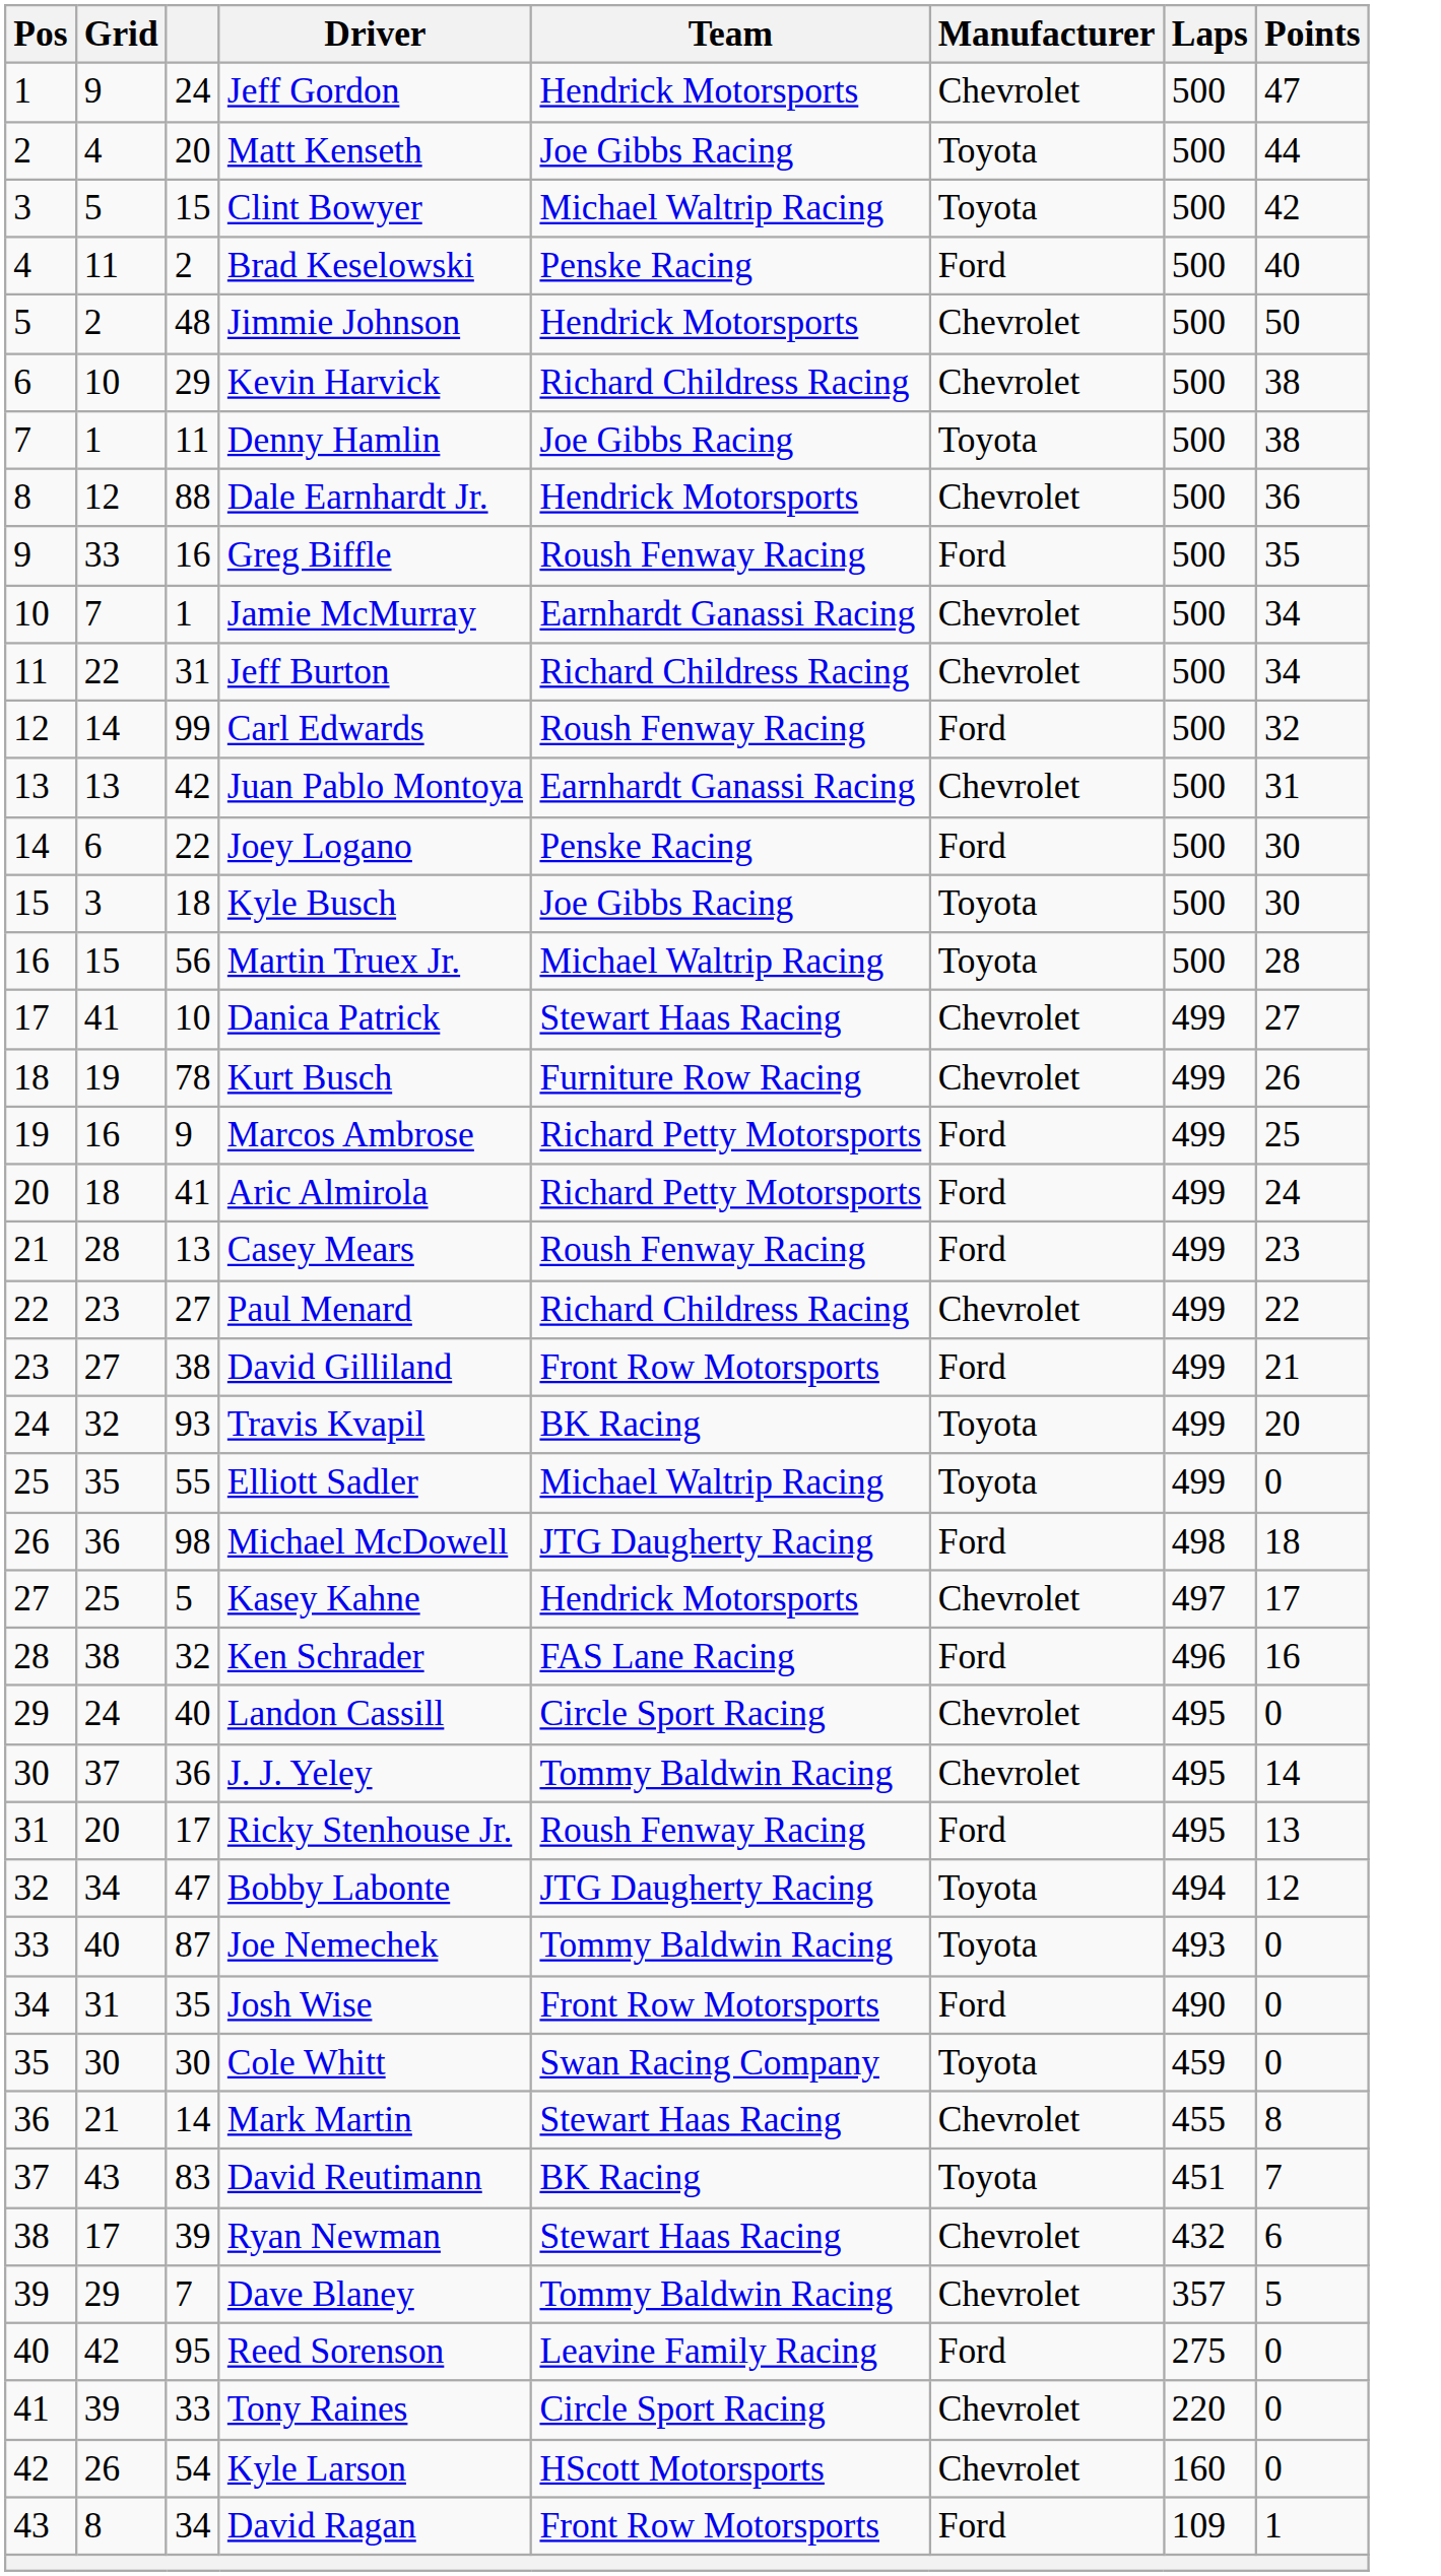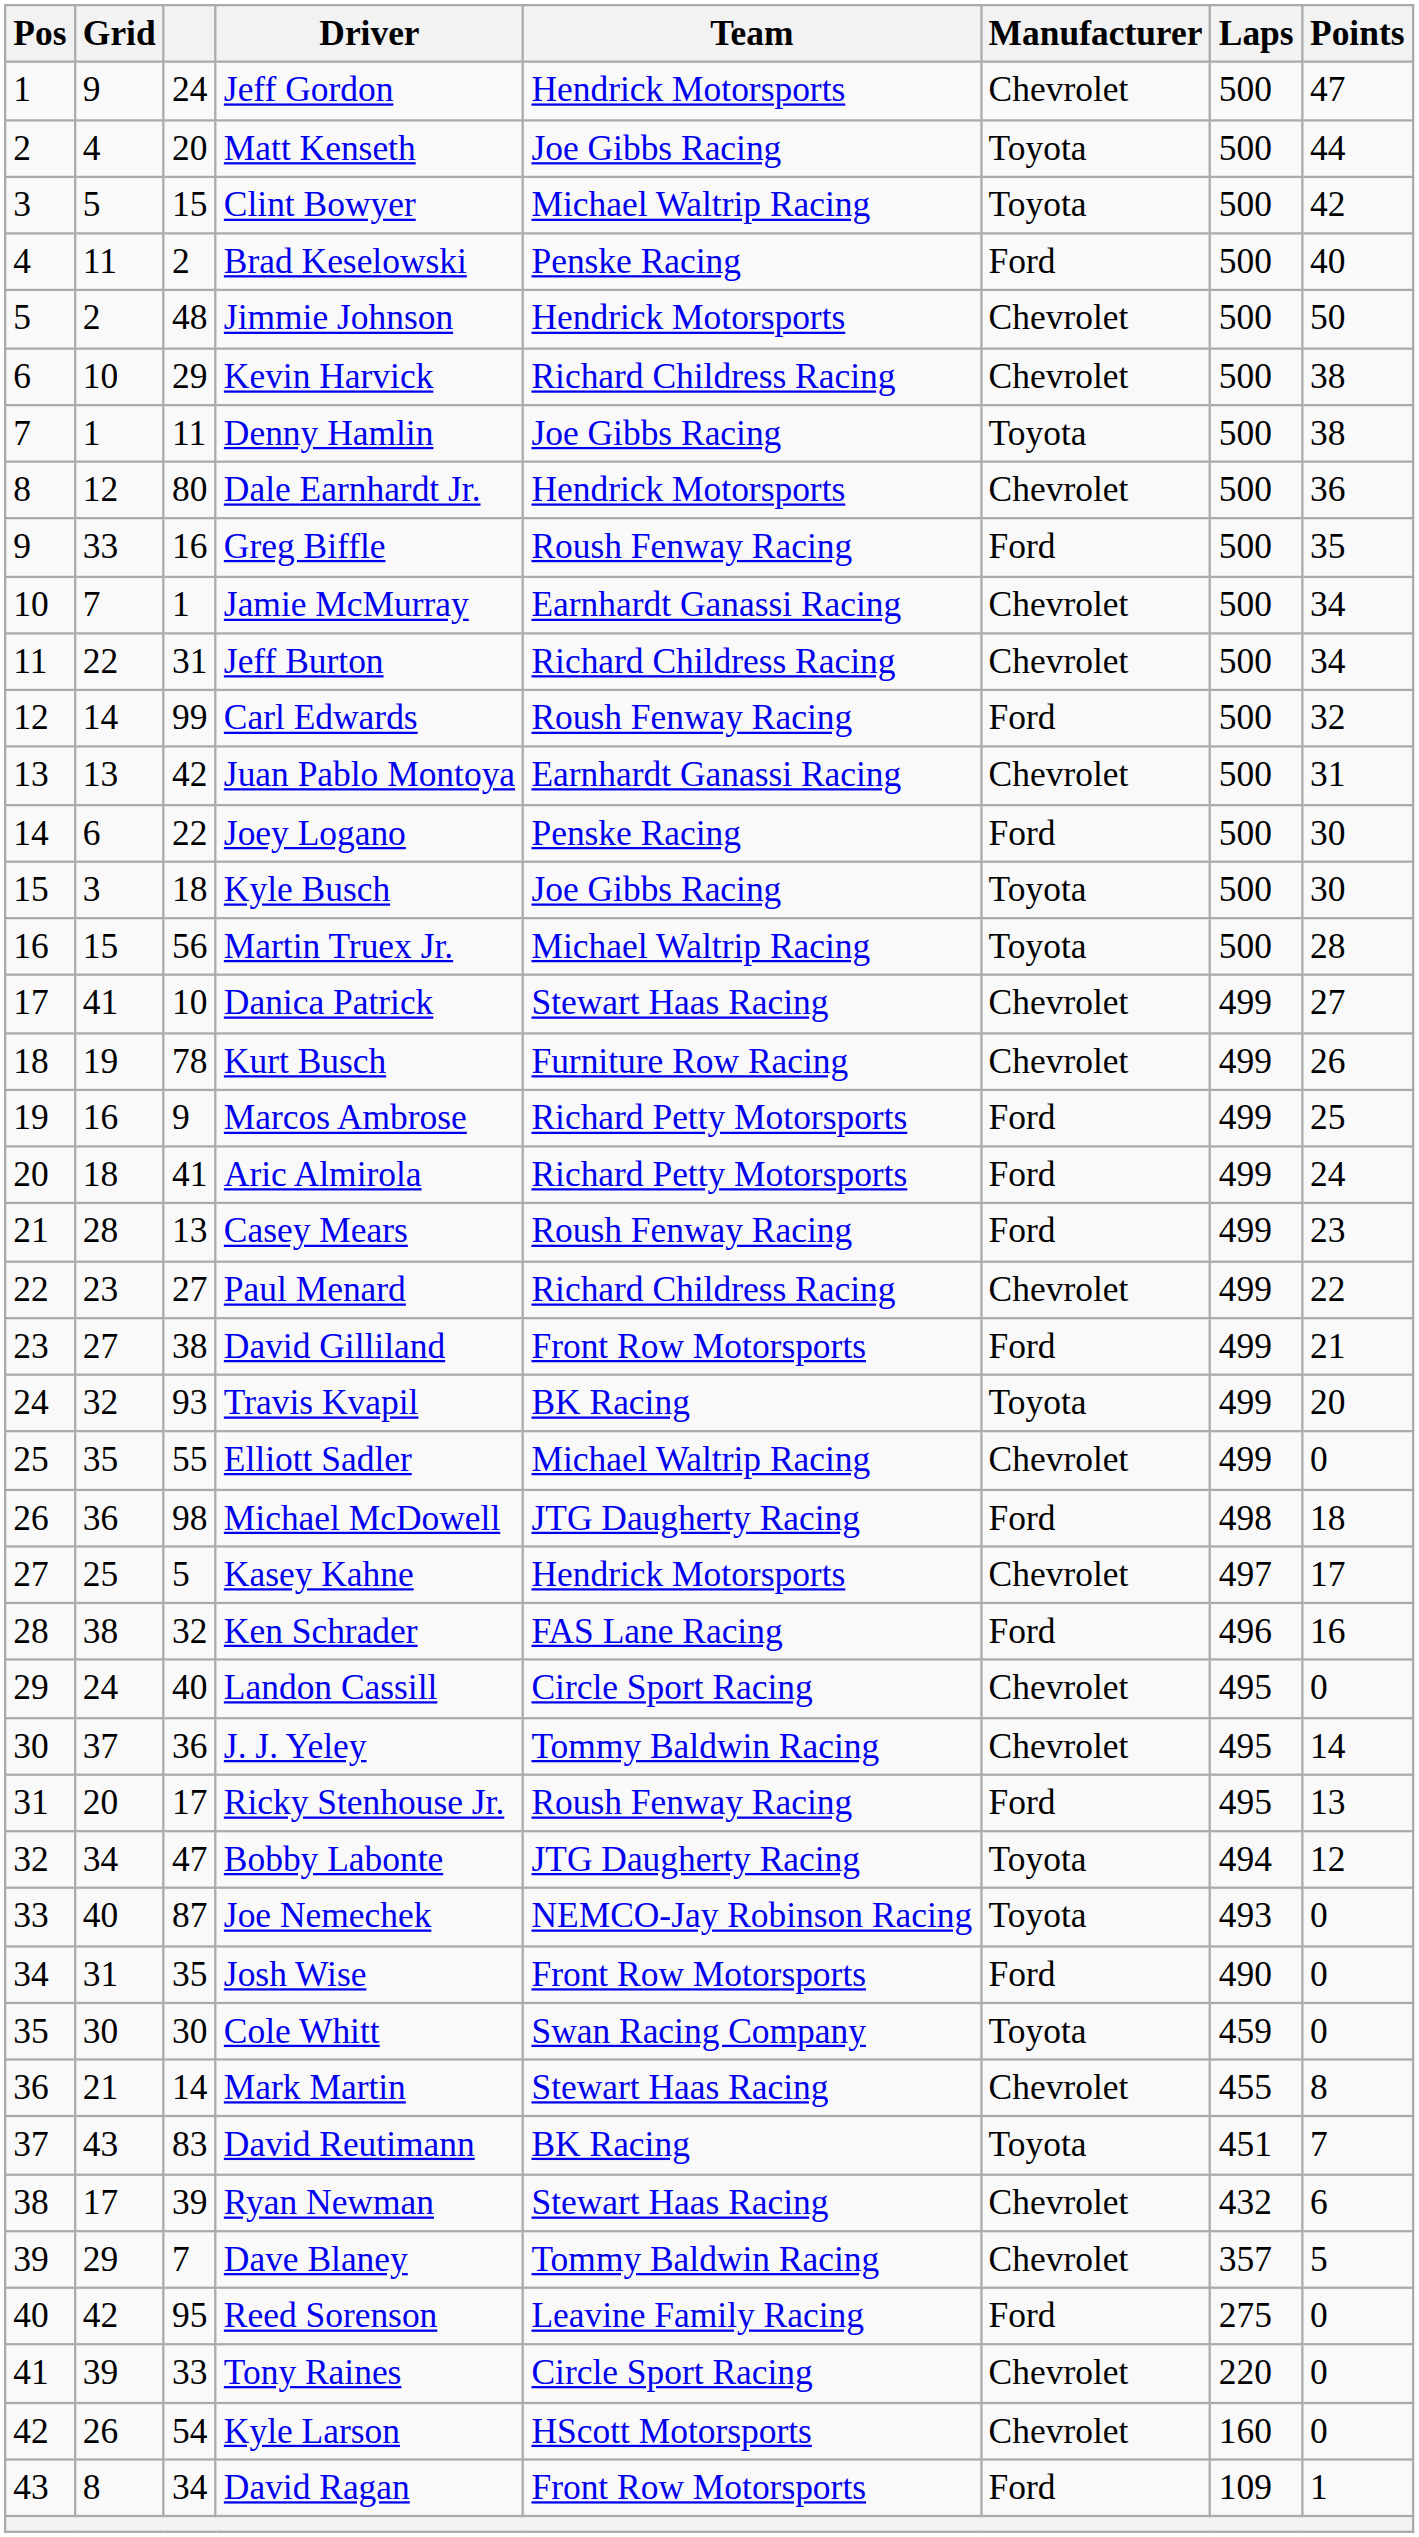 <table class="wikitable" style="font-size:98%">
 <tr>
 <th>Pos</th>
 <th>Grid</th>
 <th></th>
 <th>Driver</th>
 <th>Team</th>
 <th>Manufacturer</th>
 <th>Laps</th>
 <th>Points</th>
 </tr>
 <tr>
 <td>1</td>
 <td>9</td>
 <td>24</td>
 <td><a href='#'>Jeff Gordon</a></td>
 <td><a href='#'>Hendrick Motorsports</a></td>
 <td>Chevrolet</td>
 <td>500</td>
 <td>47</td>
 </tr>
 <tr>
 <td>2</td>
 <td>4</td>
 <td>20</td>
 <td><a href='#'>Matt Kenseth</a></td>
 <td><a href='#'>Joe Gibbs Racing</a></td>
 <td>Toyota</td>
 <td>500</td>
 <td>44</td>
 </tr>
 <tr>
 <td>3</td>
 <td>5</td>
 <td>15</td>
 <td><a href='#'>Clint Bowyer</a></td>
 <td><a href='#'>Michael Waltrip Racing</a></td>
 <td>Toyota</td>
 <td>500</td>
 <td>42</td>
 </tr>
 <tr>
 <td>4</td>
 <td>11</td>
 <td>2</td>
 <td><a href='#'>Brad Keselowski</a></td>
 <td><a href='#'>Penske Racing</a></td>
 <td>Ford</td>
 <td>500</td>
 <td>40</td>
 </tr>
 <tr>
 <td>5</td>
 <td>2</td>
 <td>48</td>
 <td><a href='#'>Jimmie Johnson</a></td>
 <td><a href='#'>Hendrick Motorsports</a></td>
 <td>Chevrolet</td>
 <td>500</td>
 <td>50</td>
 </tr>
 <tr>
 <td>6</td>
 <td>10</td>
 <td>29</td>
 <td><a href='#'>Kevin Harvick</a></td>
 <td><a href='#'>Richard Childress Racing</a></td>
 <td>Chevrolet</td>
 <td>500</td>
 <td>38</td>
 </tr>
 <tr>
 <td>7</td>
 <td>1</td>
 <td>11</td>
 <td><a href='#'>Denny Hamlin</a></td>
 <td><a href='#'>Joe Gibbs Racing</a></td>
 <td>Toyota</td>
 <td>500</td>
 <td>38</td>
 </tr>
 <tr>
 <td>8</td>
 <td>12</td>
-<td>88</td>
+<td>80</td>
 <td><a href='#'>Dale Earnhardt Jr.</a></td>
 <td><a href='#'>Hendrick Motorsports</a></td>
 <td>Chevrolet</td>
 <td>500</td>
 <td>36</td>
 </tr>
 <tr>
 <td>9</td>
 <td>33</td>
 <td>16</td>
 <td><a href='#'>Greg Biffle</a></td>
 <td><a href='#'>Roush Fenway Racing</a></td>
 <td>Ford</td>
 <td>500</td>
 <td>35</td>
 </tr>
 <tr>
 <td>10</td>
 <td>7</td>
 <td>1</td>
 <td><a href='#'>Jamie McMurray</a></td>
 <td><a href='#'>Earnhardt Ganassi Racing</a></td>
 <td>Chevrolet</td>
 <td>500</td>
 <td>34</td>
 </tr>
 <tr>
 <td>11</td>
 <td>22</td>
 <td>31</td>
 <td><a href='#'>Jeff Burton</a></td>
 <td><a href='#'>Richard Childress Racing</a></td>
 <td>Chevrolet</td>
 <td>500</td>
 <td>34</td>
 </tr>
 <tr>
 <td>12</td>
 <td>14</td>
 <td>99</td>
 <td><a href='#'>Carl Edwards</a></td>
 <td><a href='#'>Roush Fenway Racing</a></td>
 <td>Ford</td>
 <td>500</td>
 <td>32</td>
 </tr>
 <tr>
 <td>13</td>
 <td>13</td>
 <td>42</td>
 <td><a href='#'>Juan Pablo Montoya</a></td>
 <td><a href='#'>Earnhardt Ganassi Racing</a></td>
 <td>Chevrolet</td>
 <td>500</td>
 <td>31</td>
 </tr>
 <tr>
 <td>14</td>
 <td>6</td>
 <td>22</td>
 <td><a href='#'>Joey Logano</a></td>
 <td><a href='#'>Penske Racing</a></td>
 <td>Ford</td>
 <td>500</td>
 <td>30</td>
 </tr>
 <tr>
 <td>15</td>
 <td>3</td>
 <td>18</td>
 <td><a href='#'>Kyle Busch</a></td>
 <td><a href='#'>Joe Gibbs Racing</a></td>
 <td>Toyota</td>
 <td>500</td>
 <td>30</td>
 </tr>
 <tr>
 <td>16</td>
 <td>15</td>
 <td>56</td>
 <td><a href='#'>Martin Truex Jr.</a></td>
 <td><a href='#'>Michael Waltrip Racing</a></td>
 <td>Toyota</td>
 <td>500</td>
 <td>28</td>
 </tr>
 <tr>
 <td>17</td>
 <td>41</td>
 <td>10</td>
 <td><a href='#'>Danica Patrick</a></td>
 <td><a href='#'>Stewart Haas Racing</a></td>
 <td>Chevrolet</td>
 <td>499</td>
 <td>27</td>
 </tr>
 <tr>
 <td>18</td>
 <td>19</td>
 <td>78</td>
 <td><a href='#'>Kurt Busch</a></td>
 <td><a href='#'>Furniture Row Racing</a></td>
 <td>Chevrolet</td>
 <td>499</td>
 <td>26</td>
 </tr>
 <tr>
 <td>19</td>
 <td>16</td>
 <td>9</td>
 <td><a href='#'>Marcos Ambrose</a></td>
 <td><a href='#'>Richard Petty Motorsports</a></td>
 <td>Ford</td>
 <td>499</td>
 <td>25</td>
 </tr>
 <tr>
 <td>20</td>
 <td>18</td>
 <td>41</td>
 <td><a href='#'>Aric Almirola</a></td>
 <td><a href='#'>Richard Petty Motorsports</a></td>
 <td>Ford</td>
 <td>499</td>
 <td>24</td>
 </tr>
 <tr>
 <td>21</td>
 <td>28</td>
 <td>13</td>
 <td><a href='#'>Casey Mears</a></td>
 <td><a href='#'>Roush Fenway Racing</a></td>
 <td>Ford</td>
 <td>499</td>
 <td>23</td>
 </tr>
 <tr>
 <td>22</td>
 <td>23</td>
 <td>27</td>
 <td><a href='#'>Paul Menard</a></td>
 <td><a href='#'>Richard Childress Racing</a></td>
 <td>Chevrolet</td>
 <td>499</td>
 <td>22</td>
 </tr>
 <tr>
 <td>23</td>
 <td>27</td>
 <td>38</td>
 <td><a href='#'>David Gilliland</a></td>
 <td><a href='#'>Front Row Motorsports</a></td>
 <td>Ford</td>
 <td>499</td>
 <td>21</td>
 </tr>
 <tr>
 <td>24</td>
 <td>32</td>
 <td>93</td>
 <td><a href='#'>Travis Kvapil</a></td>
 <td><a href='#'>BK Racing</a></td>
 <td>Toyota</td>
 <td>499</td>
 <td>20</td>
 </tr>
 <tr>
 <td>25</td>
 <td>35</td>
 <td>55</td>
 <td><a href='#'>Elliott Sadler</a></td>
 <td><a href='#'>Michael Waltrip Racing</a></td>
-<td>Toyota</td>
+<td>Chevrolet</td>
 <td>499</td>
 <td>0</td>
 </tr>
 <tr>
 <td>26</td>
 <td>36</td>
 <td>98</td>
 <td><a href='#'>Michael McDowell</a></td>
 <td><a href='#'>JTG Daugherty Racing</a></td>
 <td>Ford</td>
 <td>498</td>
 <td>18</td>
 </tr>
 <tr>
 <td>27</td>
 <td>25</td>
 <td>5</td>
 <td><a href='#'>Kasey Kahne</a></td>
 <td><a href='#'>Hendrick Motorsports</a></td>
 <td>Chevrolet</td>
 <td>497</td>
 <td>17</td>
 </tr>
 <tr>
 <td>28</td>
 <td>38</td>
 <td>32</td>
 <td><a href='#'>Ken Schrader</a></td>
 <td><a href='#'>FAS Lane Racing</a></td>
 <td>Ford</td>
 <td>496</td>
 <td>16</td>
 </tr>
 <tr>
 <td>29</td>
 <td>24</td>
 <td>40</td>
 <td><a href='#'>Landon Cassill</a></td>
 <td><a href='#'>Circle Sport Racing</a></td>
 <td>Chevrolet</td>
 <td>495</td>
 <td>0</td>
 </tr>
 <tr>
 <td>30</td>
 <td>37</td>
 <td>36</td>
 <td><a href='#'>J. J. Yeley</a></td>
 <td><a href='#'>Tommy Baldwin Racing</a></td>
 <td>Chevrolet</td>
 <td>495</td>
 <td>14</td>
 </tr>
 <tr>
 <td>31</td>
 <td>20</td>
 <td>17</td>
 <td><a href='#'>Ricky Stenhouse Jr.</a></td>
 <td><a href='#'>Roush Fenway Racing</a></td>
 <td>Ford</td>
 <td>495</td>
 <td>13</td>
 </tr>
 <tr>
 <td>32</td>
 <td>34</td>
 <td>47</td>
 <td><a href='#'>Bobby Labonte</a></td>
 <td><a href='#'>JTG Daugherty Racing</a></td>
 <td>Toyota</td>
 <td>494</td>
 <td>12</td>
 </tr>
 <tr>
 <td>33</td>
 <td>40</td>
 <td>87</td>
 <td><a href='#'>Joe Nemechek</a></td>
-<td><a href='#'>Tommy Baldwin Racing</a></td>
+<td><a href='#'>NEMCO-Jay Robinson Racing</a></td>
 <td>Toyota</td>
 <td>493</td>
 <td>0</td>
 </tr>
 <tr>
 <td>34</td>
 <td>31</td>
 <td>35</td>
 <td><a href='#'>Josh Wise</a></td>
 <td><a href='#'>Front Row Motorsports</a></td>
 <td>Ford</td>
 <td>490</td>
 <td>0</td>
 </tr>
 <tr>
 <td>35</td>
 <td>30</td>
 <td>30</td>
 <td><a href='#'>Cole Whitt</a></td>
 <td><a href='#'>Swan Racing Company</a></td>
 <td>Toyota</td>
 <td>459</td>
 <td>0</td>
 </tr>
 <tr>
 <td>36</td>
 <td>21</td>
 <td>14</td>
 <td><a href='#'>Mark Martin</a></td>
 <td><a href='#'>Stewart Haas Racing</a></td>
 <td>Chevrolet</td>
 <td>455</td>
 <td>8</td>
 </tr>
 <tr>
 <td>37</td>
 <td>43</td>
 <td>83</td>
 <td><a href='#'>David Reutimann</a></td>
 <td><a href='#'>BK Racing</a></td>
 <td>Toyota</td>
 <td>451</td>
 <td>7</td>
 </tr>
 <tr>
 <td>38</td>
 <td>17</td>
 <td>39</td>
 <td><a href='#'>Ryan Newman</a></td>
 <td><a href='#'>Stewart Haas Racing</a></td>
 <td>Chevrolet</td>
 <td>432</td>
 <td>6</td>
 </tr>
 <tr>
 <td>39</td>
 <td>29</td>
 <td>7</td>
 <td><a href='#'>Dave Blaney</a></td>
 <td><a href='#'>Tommy Baldwin Racing</a></td>
 <td>Chevrolet</td>
 <td>357</td>
 <td>5</td>
 </tr>
 <tr>
 <td>40</td>
 <td>42</td>
 <td>95</td>
 <td><a href='#'>Reed Sorenson</a></td>
 <td><a href='#'>Leavine Family Racing</a></td>
 <td>Ford</td>
 <td>275</td>
 <td>0</td>
 </tr>
 <tr>
 <td>41</td>
 <td>39</td>
 <td>33</td>
 <td><a href='#'>Tony Raines</a></td>
 <td><a href='#'>Circle Sport Racing</a></td>
 <td>Chevrolet</td>
 <td>220</td>
 <td>0</td>
 </tr>
 <tr>
 <td>42</td>
 <td>26</td>
 <td>54</td>
 <td><a href='#'>Kyle Larson</a></td>
 <td><a href='#'>HScott Motorsports</a></td>
 <td>Chevrolet</td>
 <td>160</td>
 <td>0</td>
 </tr>
 <tr>
 <td>43</td>
 <td>8</td>
 <td>34</td>
 <td><a href='#'>David Ragan</a></td>
 <td><a href='#'>Front Row Motorsports</a></td>
 <td>Ford</td>
 <td>109</td>
 <td>1</td>
 </tr>
 <tr>
 <th colspan="8"> </th>
 </tr>
 </table>
